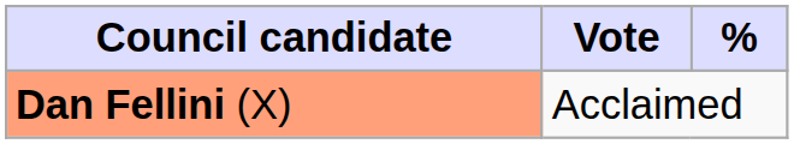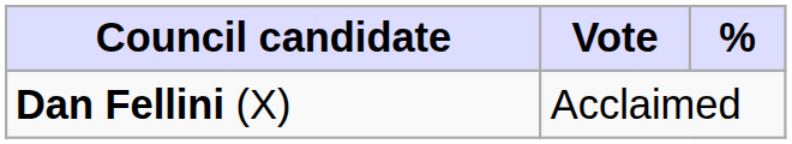 <table class="wikitable">
 <tr>
 <th style="background:#ddf; width:200px;">Council candidate</th>
 <th style="background:#ddf; width:50px;">Vote</th>
 <th style="background:#ddf; width:30px;">%</th>
 </tr>
 <tr>
-<td style="background: lightsalmon;"><strong>Dan Fellini</strong> (X)</td>
+<td><strong>Dan Fellini</strong> (X)</td>
 <td colspan="2">Acclaimed</td>
 </tr>
 </table>
